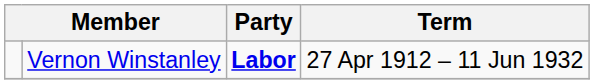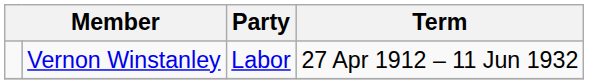 <table class="wikitable">
 <tr>
 <th colspan=2>Member</th>
 <th>Party</th>
 <th>Term</th>
 </tr>
 <tr>
 <td> </td>
 <td><a href='#'>Vernon Winstanley</a></td>
-<td><strong><a href='#'>Labor</a></strong></td>
+<td><a href='#'>Labor</a></td>
 <td>27 Apr 1912 – 11 Jun 1932</td>
 </tr>
 <tr>
 </tr>
 </table>
